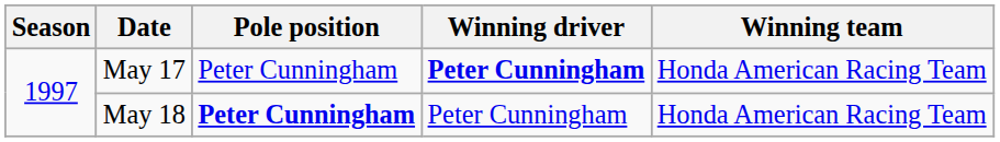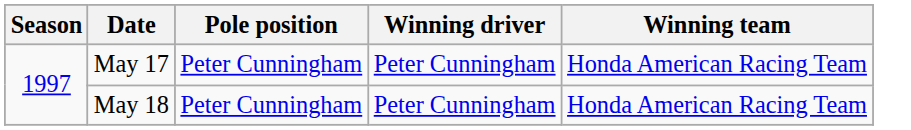 <table class="wikitable" style="font-size: 85%">
 <tr>
 <th>Season</th>
 <th>Date</th>
 <th>Pole position</th>
 <th>Winning driver</th>
 <th>Winning team</th>
 </tr>
 <tr>
 <td align=center rowspan="2"><a href='#'>1997</a></td>
 <td>May 17</td>
 <td> <a href='#'>Peter Cunningham</a></td>
-<td><strong> <a href='#'>Peter Cunningham</a></strong></td>
+<td> <a href='#'>Peter Cunningham</a></td>
 <td><a href='#'>Honda American Racing Team</a></td>
 </tr>
 <tr>
 <td>May 18</td>
-<td><strong> <a href='#'>Peter Cunningham</a></strong></td>
+<td> <a href='#'>Peter Cunningham</a></td>
 <td> <a href='#'>Peter Cunningham</a></td>
 <td><a href='#'>Honda American Racing Team</a></td>
 </tr>
 </table>
